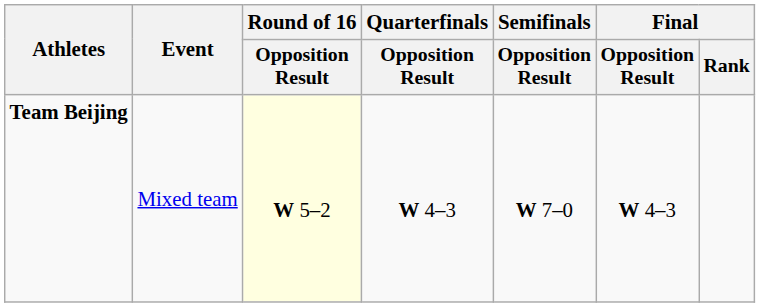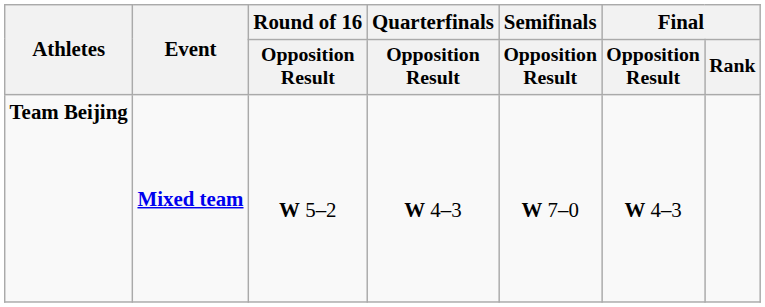 <table class="wikitable" style="font-size:90%">
 <tr>
 <th rowspan=2>Athletes</th>
 <th rowspan=2>Event</th>
 <th>Round of 16</th>
 <th>Quarterfinals</th>
 <th>Semifinals</th>
 <th colspan=2>Final</th>
 </tr>
 <tr style="font-size:95%">
 <th>Opposition<br>Result</th>
 <th>Opposition<br>Result</th>
 <th>Opposition<br>Result</th>
 <th>Opposition<br>Result</th>
 <th>Rank</th>
 </tr>
 <tr align=center>
 <td align=left><strong>Team Beijing</strong><br><br><br><br><br><br><strong></strong><br><br></td>
-<td align=left><a href='#'>Mixed team</a></td>
-<td style="background: lightyellow;"><br><strong>W</strong> 5–2</td>
+<td align=left><strong><a href='#'>Mixed team</a></strong></td>
+<td><br><strong>W</strong> 5–2</td>
 <td><br><strong>W</strong> 4–3</td>
 <td><br><strong>W</strong> 7–0</td>
 <td><br><strong>W</strong> 4–3</td>
 <td></td>
 </tr>
 </table>
